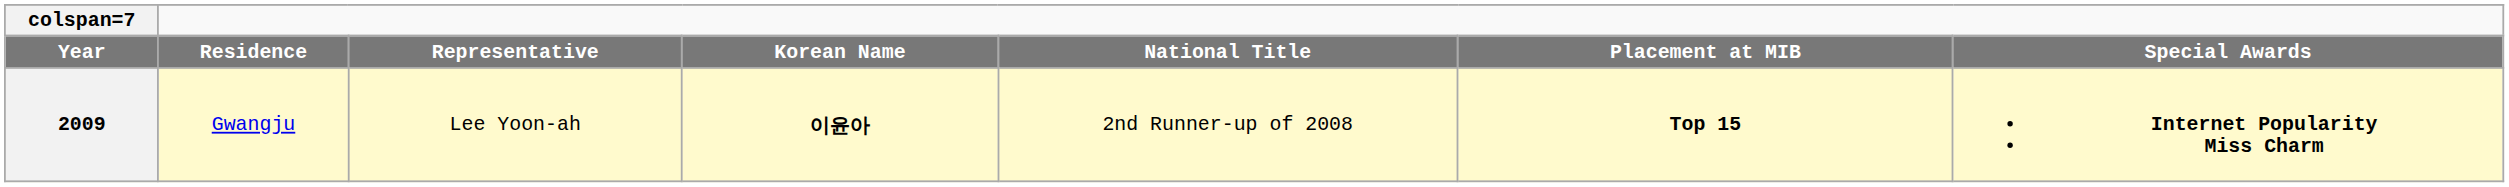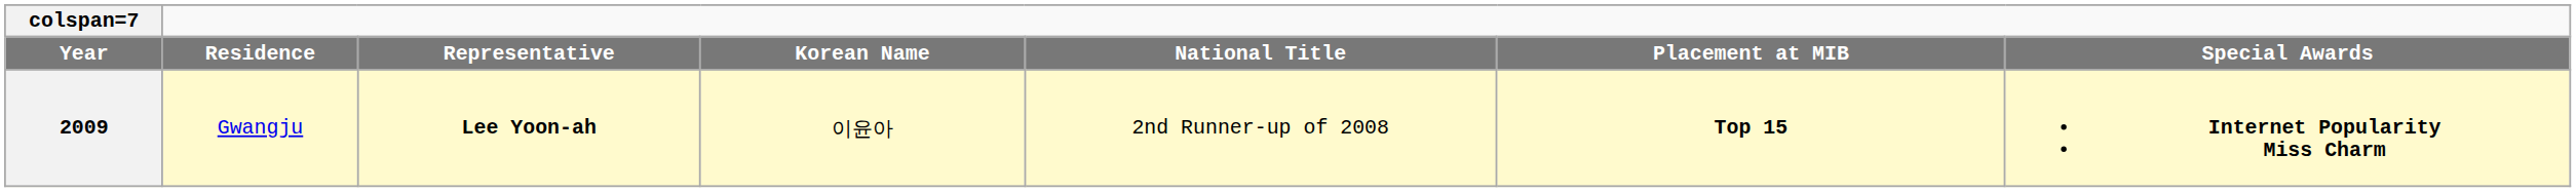 <table class="wikitable sortable" style="font-size: 85%; text-align:center">
 <tr>
 <th>colspan=7 </th>
 </tr>
 <tr>
 <th width="80" style="background-color:#787878;color:#FFFFFF;">Year</th>
 <th width="100" style="background-color:#787878;color:#FFFFFF;">Residence</th>
 <th width="180" style="background-color:#787878;color:#FFFFFF;">Representative</th>
 <th width="170" style="background-color:#787878;color:#FFFFFF;">Korean Name</th>
 <th width="250" style="background-color:#787878;color:#FFFFFF;">National Title</th>
 <th width="270" style="background-color:#787878;color:#FFFFFF;">Placement at MIB</th>
 <th width="300" style="background-color:#787878;color:#FFFFFF;">Special Awards</th>
 </tr>
 <tr style="background-color:#FFFACD; ">
 <th>2009</th>
 <td><a href='#'>Gwangju</a></td>
-<td>Lee Yoon-ah</td>
-<td><strong>이윤아</strong></td>
+<td><strong>Lee Yoon-ah</strong></td>
+<td>이윤아</td>
 <td>2nd Runner-up of 2008</td>
 <td><strong>Top 15</strong></td>
 <td><br><ul><li><strong>Internet Popularity</strong></li><li><strong>Miss Charm</strong></li></ul></td>
 </tr>
 </table>
